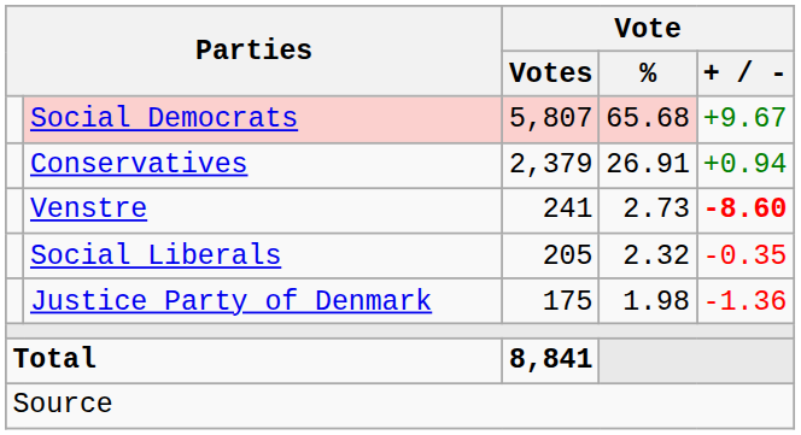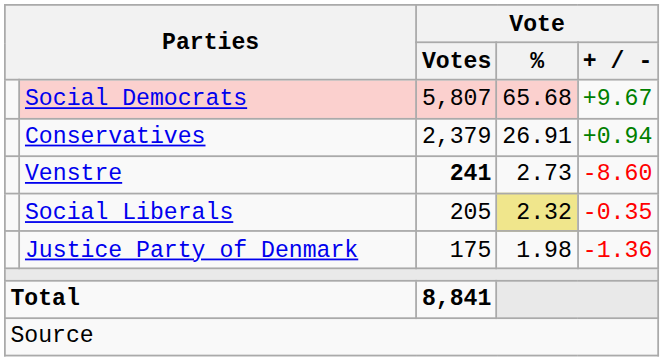 <table class="wikitable" style="text-align:right;">
 <tr>
 <th style="text-align:centre;" rowspan="2" colspan="2" width="225">Parties</th>
 <th colspan="3">Vote</th>
 </tr>
 <tr>
 <th width="15">Votes</th>
 <th width="15">%</th>
 <th width="15">+ / -</th>
 </tr>
 <tr>
 <td width="2" style="color:inherit;background:"></td>
 <td bgcolor=#fbd0ce  align="left"><a href='#'>Social Democrats</a></td>
 <td bgcolor=#fbd0ce>5,807</td>
 <td bgcolor=#fbd0ce>65.68</td>
 <td style=color:green;>+9.67</td>
 </tr>
 <tr>
 <td width="2" style="color:inherit;background:"></td>
 <td align="left"><a href='#'>Conservatives</a></td>
 <td>2,379</td>
 <td>26.91</td>
 <td style=color:green;>+0.94</td>
 </tr>
 <tr>
 <td width="2" style="color:inherit;background:"></td>
 <td align="left"><a href='#'>Venstre</a></td>
-<td>241</td>
+<td><strong>241</strong></td>
 <td>2.73</td>
-<td style=color:red;><strong>-8.60</strong></td>
+<td style=color:red;>-8.60</td>
 </tr>
 <tr>
 <td width="2" style="color:inherit;background:"></td>
 <td align="left"><a href='#'>Social Liberals</a></td>
 <td>205</td>
-<td>2.32</td>
+<td style="background: khaki;">2.32</td>
 <td style=color:red;>-0.35</td>
 </tr>
 <tr>
 <td width="2" style="color:inherit;background:"></td>
 <td align="left"><a href='#'>Justice Party of Denmark</a></td>
 <td>175</td>
 <td>1.98</td>
 <td style=color:red;>-1.36</td>
 </tr>
 <tr>
 <td colspan="7" bgcolor="#E9E9E9"></td>
 </tr>
 <tr>
 <td align="left" colspan="2"><strong>Total</strong></td>
 <td><strong>8,841</strong></td>
 <td bgcolor="#E9E9E9" colspan="2"></td>
 </tr>
 <tr>
 <td align="left" colspan="6">Source</td>
 </tr>
 </table>
